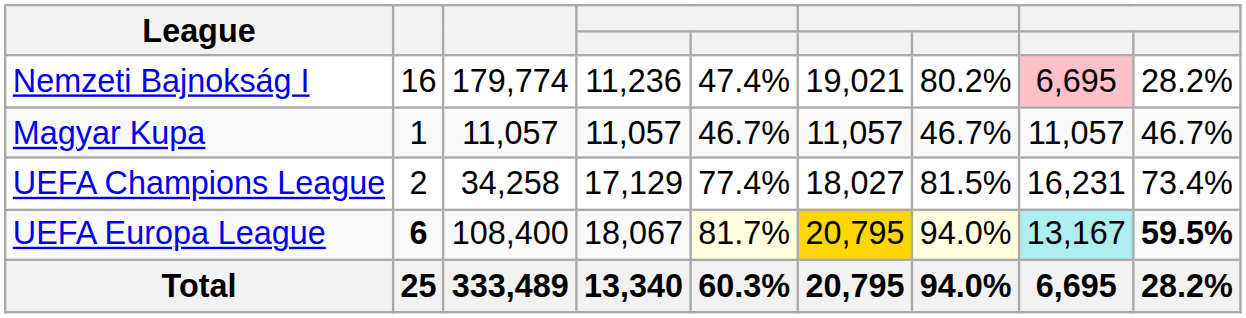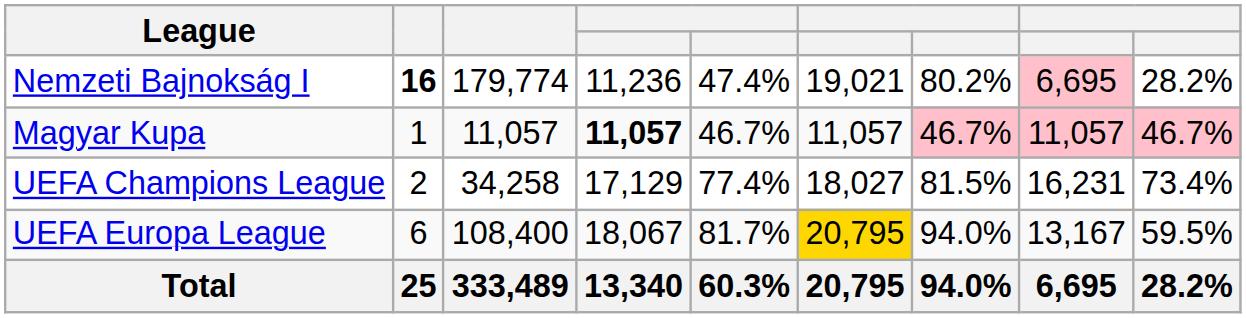 <table class="wikitable sortable" style="text-align:center; font-size:85%;">
 <tr>
 <th rowspan="2">League</th>
 <th rowspan="2"></th>
 <th rowspan="2"></th>
 <th colspan="2"></th>
 <th colspan="2"></th>
 <th colspan="2"></th>
 </tr>
 <tr>
 <th></th>
 <th></th>
 <th></th>
 <th></th>
 <th></th>
 <th></th>
 </tr>
 <tr bgcolor="white">
 <td align=left><a href='#'>Nemzeti Bajnokság I</a></td>
-<td>16</td>
+<td><strong>16</strong></td>
 <td>179,774</td>
 <td>11,236</td>
 <td>47.4%</td>
 <td>19,021</td>
 <td>80.2%</td>
 <td style="background-color: pink;">6,695</td>
 <td>28.2%</td>
 </tr>
 <tr>
 <td align=left><a href='#'>Magyar Kupa</a></td>
 <td>1</td>
 <td>11,057</td>
-<td>11,057</td>
+<td><strong>11,057</strong></td>
 <td>46.7%</td>
 <td>11,057</td>
-<td>46.7%</td>
-<td>11,057</td>
-<td>46.7%</td>
+<td style="background: pink;">46.7%</td>
+<td style="background: pink;">11,057</td>
+<td style="background: pink;">46.7%</td>
 </tr>
 <tr bgcolor="white">
 <td align=left><a href='#'>UEFA Champions League</a></td>
 <td>2</td>
 <td>34,258</td>
 <td>17,129</td>
 <td>77.4%</td>
 <td>18,027</td>
 <td>81.5%</td>
 <td>16,231</td>
 <td>73.4%</td>
 </tr>
 <tr>
 <td align=left><a href='#'>UEFA Europa League</a></td>
-<td><strong>6</strong></td>
+<td>6</td>
 <td>108,400</td>
 <td>18,067</td>
-<td style="background: lightyellow;">81.7%</td>
+<td>81.7%</td>
 <td style="background-color: gold;">20,795</td>
-<td style="background: lightyellow;">94.0%</td>
-<td style="background: paleturquoise;">13,167</td>
-<td><strong>59.5%</strong></td>
+<td>94.0%</td>
+<td>13,167</td>
+<td>59.5%</td>
 </tr>
 <tr>
 <th>Total</th>
 <th>25</th>
 <th>333,489</th>
 <th>13,340</th>
 <th>60.3%</th>
 <th>20,795</th>
 <th>94.0%</th>
 <th>6,695</th>
 <th>28.2%</th>
 </tr>
 </table>
